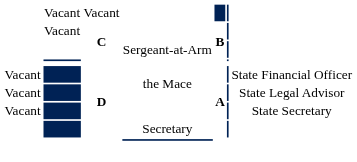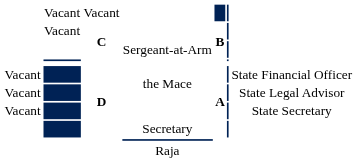 <table style="font-size:100%; text-align:center;">
 <tr>
 <td></td>
 <td>Vacant</td>
 <td>Vacant</td>
 <td></td>
 <td style="background-color:#002255;"></td>
 <td style="background-color:#002255;"></td>
 <td></td>
 </tr>
 <tr>
 <td></td>
 <td>Vacant</td>
 <td rowspan="3"><strong>C</strong></td>
 <td></td>
 <td rowspan="3"><strong>B</strong></td>
 <td style="background-color:#002255;"></td>
 <td></td>
 </tr>
 <tr>
 <td></td>
 <td></td>
 <td>Sergeant-at-Arm</td>
 <td style="background-color:#002255;"></td>
 <td></td>
 </tr>
 <tr>
 <td></td>
 <td bgcolor=#002255></td>
 <td></td>
 <td bgcolor=#002255></td>
 <td></td>
 </tr>
 <tr>
 <td></td>
 <td></td>
 </tr>
 <tr>
 <td>Vacant</td>
 <td bgcolor=#002255></td>
 <td rowspan="4"><strong>D</strong></td>
 <td rowspan="2">the Mace</td>
 <td rowspan="4"><strong>A</strong></td>
 <td style="background-color:#002255;"></td>
 <td>State Financial Officer</td>
 </tr>
 <tr>
 <td>Vacant</td>
 <td style="background-color:#002255;"></td>
 <td style="background-color:#002255;"></td>
 <td>State Legal Advisor</td>
 </tr>
 <tr>
 <td>Vacant</td>
 <td style="background-color:#002255;"></td>
 <td></td>
 <td style="background-color:#002255;"></td>
 <td>State Secretary</td>
 </tr>
 <tr>
 <td></td>
 <td bgcolor=#002255></td>
 <td>Secretary</td>
 <td style="background-color:#002255;"></td>
 </tr>
 <tr>
 <td></td>
 <td></td>
 <td></td>
 <td bgcolor="#002255"></td>
 <td></td>
 <td></td>
 <td></td>
 </tr>
+<tr>
+<td></td>
+<td></td>
+<td></td>
+<td>Raja</td>
+<td></td>
+<td></td>
+<td></td>
+</tr>
 </table>
